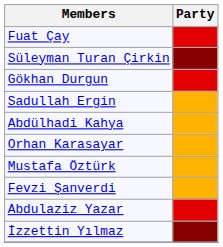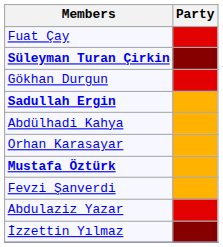 <table class=wikitable style="border:1px solid #8888aa; background-color:#f7f8ff; padding:0px; font-size:90%;">
 <tr>
 <th>Members</th>
 <th colspan="2">Party</th>
 </tr>
 <tr>
 <td><a href='#'>Fuat Çay</a></td>
 <td style="background: #e30000"></td>
 </tr>
 <tr>
-<td><a href='#'>Süleyman Turan Çirkin</a></td>
+<td><strong><a href='#'>Süleyman Turan Çirkin</a></strong></td>
 <td style="background: #870000"></td>
 </tr>
 <tr>
 <td><a href='#'>Gökhan Durgun</a></td>
 <td style="background: #e30000"></td>
 </tr>
 <tr>
-<td><a href='#'>Sadullah Ergin</a></td>
+<td><strong><a href='#'>Sadullah Ergin</a></strong></td>
 <td style="background: #ffb300"></td>
 </tr>
 <tr>
 <td><a href='#'>Abdülhadi Kahya</a></td>
 <td style="background: #ffb300"></td>
 </tr>
 <tr>
 <td><a href='#'>Orhan Karasayar</a></td>
 <td style="background: #ffb300"></td>
 </tr>
 <tr>
-<td><a href='#'>Mustafa Öztürk</a></td>
+<td><strong><a href='#'>Mustafa Öztürk</a></strong></td>
 <td style="background: #ffb300"></td>
 </tr>
 <tr>
 <td><a href='#'>Fevzi Şanverdi</a></td>
 <td style="background: #ffb300"></td>
 </tr>
 <tr>
 <td><a href='#'>Abdulaziz Yazar</a></td>
 <td style="background: #e30000"></td>
 </tr>
 <tr>
 <td><a href='#'>İzzettin Yılmaz</a></td>
 <td style="background: #870000"></td>
 </tr>
 <tr>
 </tr>
 </table>
